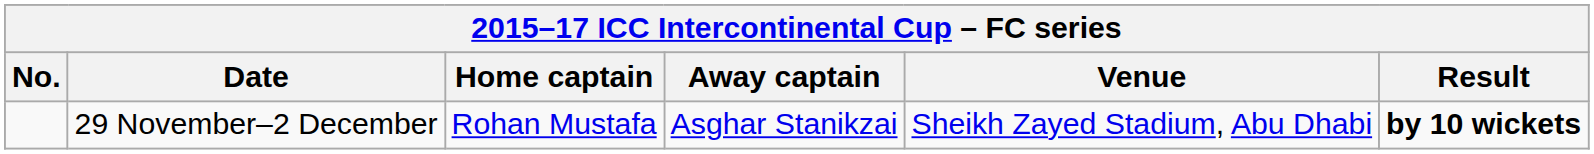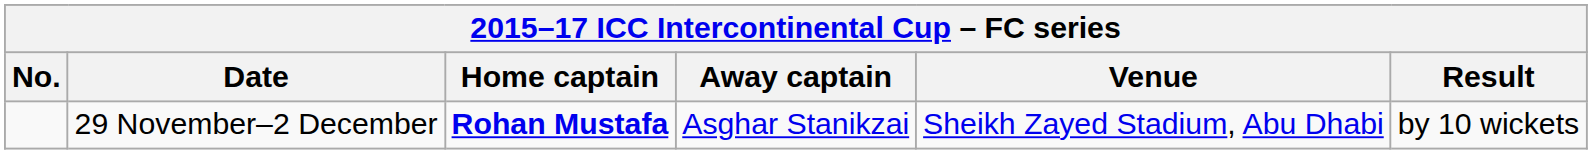 <table class="wikitable">
 <tr>
 <th colspan="6"><a href='#'>2015–17 ICC Intercontinental Cup</a> – FC series</th>
 </tr>
 <tr>
 <th>No.</th>
 <th>Date</th>
 <th>Home captain</th>
 <th>Away captain</th>
 <th>Venue</th>
 <th>Result</th>
 </tr>
 <tr>
 <td></td>
 <td>29 November–2 December</td>
-<td><a href='#'>Rohan Mustafa</a></td>
+<td><strong><a href='#'>Rohan Mustafa</a></strong></td>
 <td><a href='#'>Asghar Stanikzai</a></td>
 <td><a href='#'>Sheikh Zayed Stadium</a>, <a href='#'>Abu Dhabi</a></td>
-<td><strong> by 10 wickets</strong></td>
+<td> by 10 wickets</td>
 </tr>
 </table>
